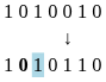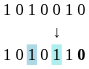 <table>
 <tr>
 <td>1</td>
 <td>0</td>
 <td>1</td>
 <td>0</td>
 <td>0</td>
 <td>1</td>
 <td>0</td>
 </tr>
 <tr>
 <td></td>
 <td></td>
 <td></td>
 <td></td>
 <td>↓</td>
 <td></td>
 <td></td>
 </tr>
 <tr>
 <td>1</td>
-<td><strong>0</strong></td>
+<td>0</td>
 <td style="background: lightblue;">1</td>
 <td>0</td>
+<td style="background: paleturquoise;">1</td>
 <td>1</td>
-<td>1</td>
-<td>0</td>
+<td><strong>0</strong></td>
 </tr>
 </table>
